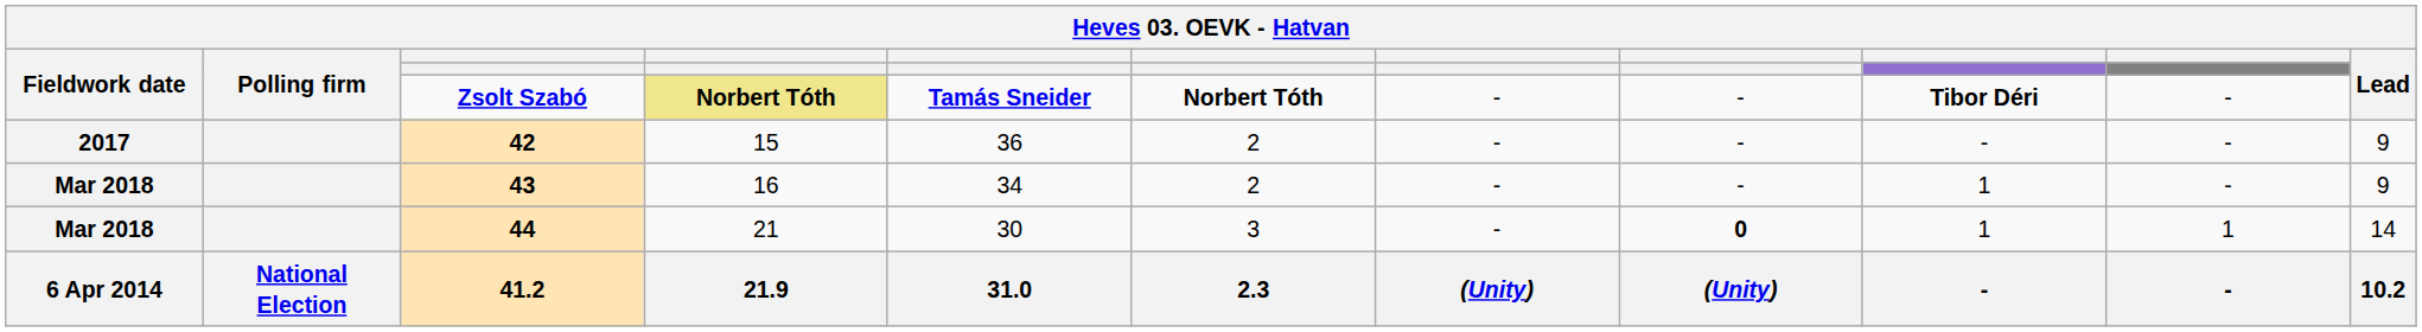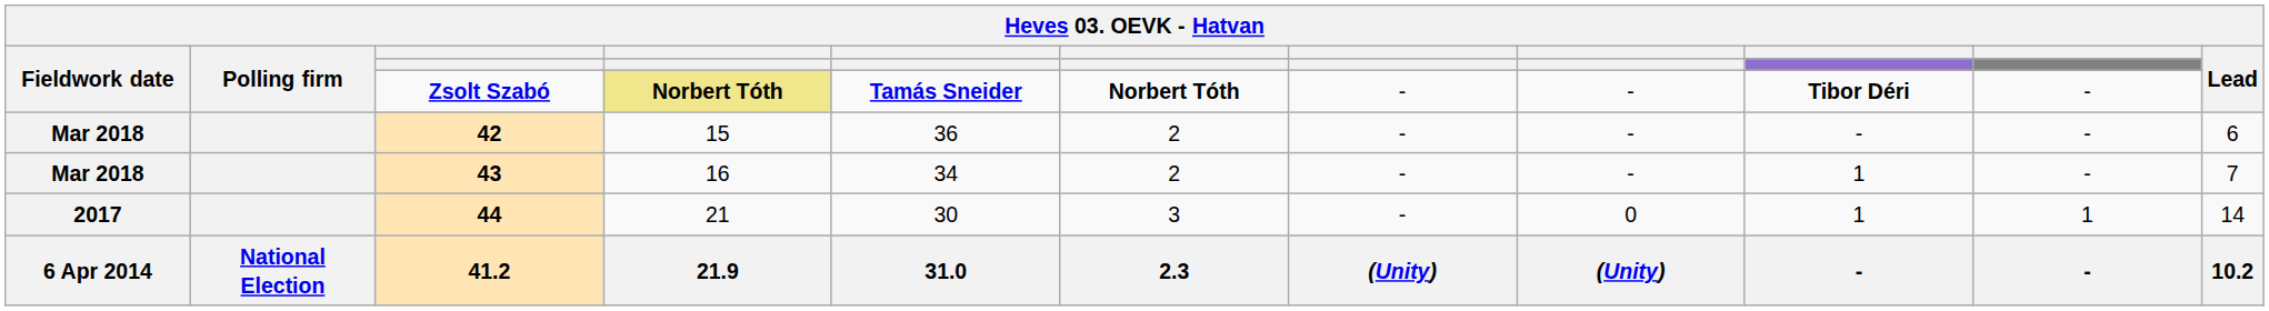 <table class="wikitable mw-collapsible mw-collapsed" style="text-align:center">
 <tr>
 <th colspan="11" style="width: 980pt;"><small><a href='#'>Heves</a> 03. OEVK -</small> <small><a href='#'>Hatvan</a></small></th>
 </tr>
 <tr>
 <th rowspan="3" style="width: 80pt;"><small>Fieldwork</small> <small>date</small></th>
 <th rowspan="3" style="width: 80pt;"><strong><small>Polling</small> <small>firm</small></strong></th>
 <th style="width: 100pt;"><small></small></th>
 <th style="width: 100pt;"><small> </small></th>
 <th style="width: 100pt;"></th>
 <th style="width: 100pt;"></th>
 <th style="width: 100pt;"></th>
 <th style="width: 100pt;"></th>
 <th style="width: 100pt;"></th>
 <th style="width: 100pt;"></th>
 <th rowspan="3" style="width: 20pt;"><small>Lead</small></th>
 </tr>
 <tr>
 <th style="color:inherit;background:"></th>
 <th style="color:inherit;background:"></th>
 <th style="color:inherit;background:"></th>
 <th style="color:inherit;background:"></th>
 <th style="color:inherit;background:"></th>
 <th style="color:inherit;background:"></th>
 <th style="color:inherit;background:#8E6FCE;"></th>
 <th style="color:inherit;background:#808080;"></th>
 </tr>
 <tr>
 <td><small><a href='#'><strong>Zsolt Szabó</strong></a></small></td>
 <td style="background: khaki;"><small><strong>Norbert Tóth</strong></small></td>
 <td><small><a href='#'><strong>Tamás Sneider</strong></a></small></td>
 <td><small><strong>Norbert Tóth</strong></small></td>
 <td><small>-</small></td>
 <td><small>-</small></td>
 <td><small><strong>Tibor Déri</strong></small></td>
 <td><small>-</small></td>
 </tr>
 <tr>
-<th><small>2017</small></th>
+<th><small>Mar 2018</small></th>
 <th><small></small></th>
 <td style="background:#FFE5B4"><small><strong>42</strong></small></td>
 <td><small>15</small></td>
 <td><small>36</small></td>
 <td><small>2</small></td>
 <td><small>-</small></td>
 <td><small>-</small></td>
 <td><small>-</small></td>
 <td><small>-</small></td>
-<td style="background:"><small>9</small></td>
+<td style="background:"><small>6</small></td>
 </tr>
 <tr>
 <th><small>Mar 2018</small></th>
 <th></th>
 <td style="background:#FFE5B4"><small><strong>43</strong></small></td>
 <td><small>16</small></td>
 <td><small>34</small></td>
 <td><small>2</small></td>
 <td><small>-</small></td>
 <td><small>-</small></td>
 <td><small>1</small></td>
 <td><small>-</small></td>
-<td style="background:"><small>9</small></td>
+<td style="background:"><small>7</small></td>
 </tr>
 <tr>
-<th><small>Mar 2018</small></th>
+<th><small>2017</small></th>
 <th><small></small></th>
 <td style="background:#FFE5B4"><small><strong>44</strong></small></td>
 <td><small>21</small></td>
 <td><small>30</small></td>
 <td><small>3</small></td>
 <td><small>-</small></td>
-<td><strong><small>0</small></strong></td>
+<td><small>0</small></td>
 <td><small>1</small></td>
 <td><small>1</small></td>
 <td style="background:"><small>14</small></td>
 </tr>
 <tr>
 <th><small>6 Apr 2014</small></th>
 <th><a href='#'><small>National Election</small></a></th>
 <th style="background:#FFE5B4"><small>41.2</small></th>
 <th><small>21.9</small></th>
 <th><small>31.0</small></th>
 <th><small>2.3</small></th>
 <th><small><em>(<a href='#'>Unity</a>)</em></small></th>
 <th><small><em>(<a href='#'>Unity</a>)</em></small></th>
 <th><small>-</small></th>
 <th><small>-</small></th>
 <th style="background:"><small>10.2</small></th>
 </tr>
 </table>
